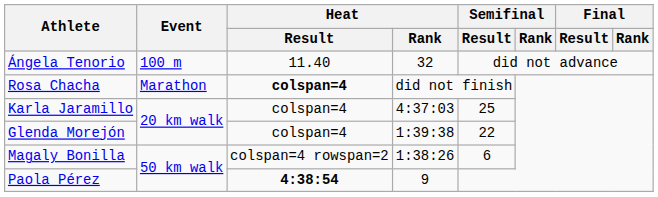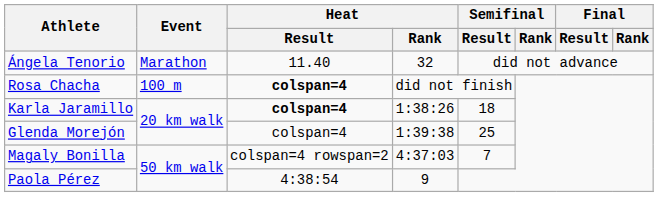 <table class="wikitable"  style=font-size:90%>
 <tr>
 <th rowspan="2">Athlete</th>
 <th rowspan="2">Event</th>
 <th colspan="2">Heat</th>
 <th colspan="2">Semifinal</th>
 <th colspan="2">Final</th>
 </tr>
 <tr>
 <th>Result</th>
 <th>Rank</th>
 <th>Result</th>
 <th>Rank</th>
 <th>Result</th>
 <th>Rank</th>
 </tr>
 <tr style=text-align:center>
 <td style=text-align:left><a href='#'>Ángela Tenorio</a></td>
-<td style=text-align:left><a href='#'>100 m</a></td>
+<td style=text-align:left><a href='#'>Marathon</a></td>
 <td>11.40</td>
 <td>32</td>
 <td colspan=4>did not advance</td>
 </tr>
 <tr style=text-align:center>
 <td style=text-align:left><a href='#'>Rosa Chacha</a></td>
-<td style=text-align:left><a href='#'>Marathon</a></td>
+<td style=text-align:left><a href='#'>100 m</a></td>
 <td><strong>colspan=4 </strong></td>
 <td colspan=2>did not finish</td>
 </tr>
 <tr style=text-align:center>
 <td style=text-align:left><a href='#'>Karla Jaramillo</a></td>
 <td style=text-align:left rowspan=2><a href='#'>20 km walk</a></td>
-<td>colspan=4</td>
-<td>4:37:03</td>
-<td>25</td>
+<td><strong>colspan=4</strong></td>
+<td>1:38:26</td>
+<td>18</td>
 </tr>
 <tr style=text-align:center>
 <td style=text-align:left><a href='#'>Glenda Morejón</a></td>
 <td>colspan=4</td>
 <td>1:39:38</td>
-<td>22</td>
+<td>25</td>
 </tr>
 <tr style=text-align:center>
 <td style=text-align:left><a href='#'>Magaly Bonilla</a></td>
 <td style=text-align:left rowspan=2><a href='#'>50 km walk</a></td>
 <td>colspan=4 rowspan=2</td>
-<td>1:38:26</td>
-<td>6</td>
+<td>4:37:03</td>
+<td>7</td>
 </tr>
 <tr style=text-align:center>
 <td style=text-align:left><a href='#'>Paola Pérez</a></td>
-<td><strong>4:38:54</strong></td>
+<td>4:38:54</td>
 <td>9</td>
 </tr>
 </table>
